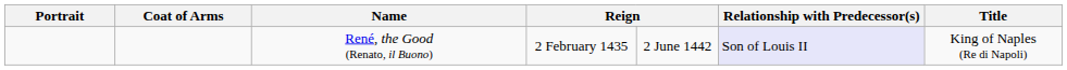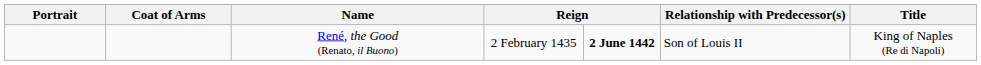 <table width=95% class="wikitable">
 <tr>
 <th width=8%>Portrait</th>
 <th width=10%>Coat of Arms</th>
 <th width=20%>Name</th>
 <th colspan=2 width=14%>Reign</th>
 <th width=15%>Relationship with Predecessor(s)</th>
 <th width=10%>Title</th>
 </tr>
 <tr>
 <td align="center"></td>
 <td align="center"></td>
 <td align="center"><a href='#'>René</a>, <em>the Good</em><br><small>(Renato, <em>il Buono</em>)</small></td>
 <td align="center">2 February 1435</td>
-<td align="center">2 June 1442</td>
-<td style="background: lavender;">Son of Louis II</td>
+<td align="center"><strong>2 June 1442</strong></td>
+<td>Son of Louis II</td>
 <td align="center">King of Naples<br><small>(Re di Napoli)</small></td>
 </tr>
 </table>
